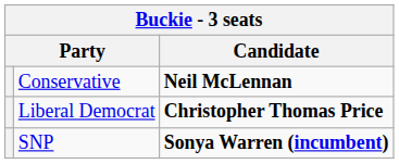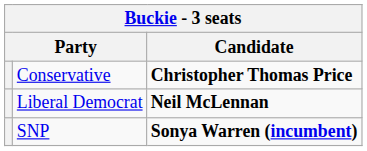 <table class="wikitable sortable">
 <tr>
 <th colspan="3"><a href='#'>Buckie</a> - 3 seats</th>
 </tr>
 <tr>
 <th colspan="2">Party</th>
 <th>Candidate</th>
 </tr>
 <tr>
 <th style="background-color: "></th>
 <td><a href='#'>Conservative</a></td>
-<td><strong>Neil McLennan</strong></td>
+<td><strong>Christopher Thomas Price</strong></td>
 </tr>
 <tr>
 <th style="background-color: "></th>
 <td><a href='#'>Liberal Democrat</a></td>
-<td><strong>Christopher Thomas Price</strong></td>
+<td><strong>Neil McLennan</strong></td>
 </tr>
 <tr>
 <th style="background-color: "></th>
 <td><a href='#'>SNP</a></td>
 <td><strong>Sonya Warren (<a href='#'>incumbent</a>)</strong></td>
 </tr>
 </table>
